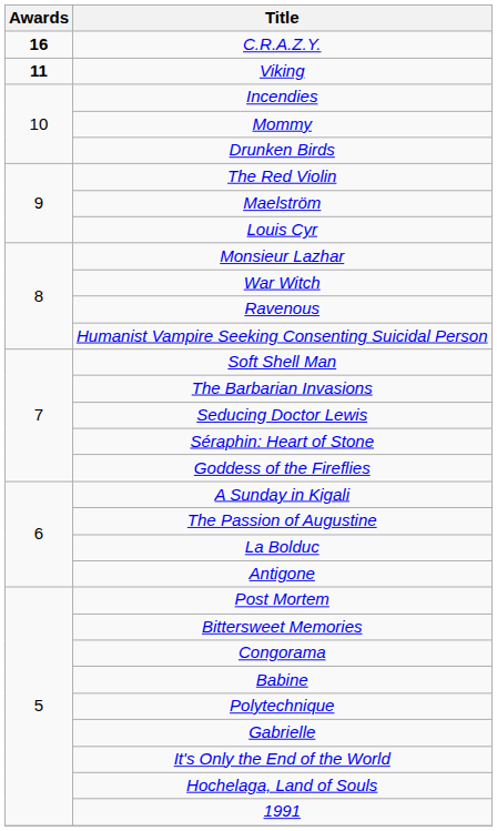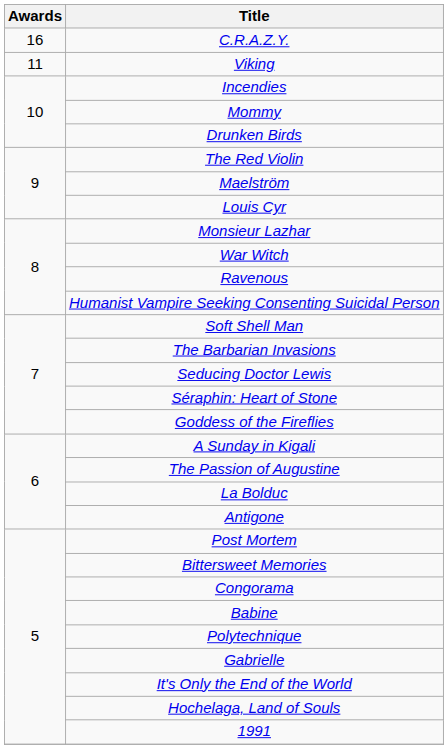 <table class="wikitable" style="text-align: center;">
 <tr>
 <th scope="col" width="55">Awards</th>
 <th scope="col" align="center">Title</th>
 </tr>
 <tr>
-<td rowspan=1 style="text-align:center"><strong>16</strong></td>
+<td rowspan=1 style="text-align:center">16</td>
 <td><em><a href='#'>C.R.A.Z.Y.</a></em></td>
 </tr>
 <tr>
-<td rowspan=1 style="text-align:center"><strong>11</strong></td>
+<td rowspan=1 style="text-align:center">11</td>
 <td><em><a href='#'>Viking</a></em></td>
 </tr>
 <tr>
 <td rowspan=3 style="text-align:center">10</td>
 <td><em><a href='#'>Incendies</a></em></td>
 </tr>
 <tr>
 <td><em><a href='#'>Mommy</a></em></td>
 </tr>
 <tr>
 <td><em><a href='#'>Drunken Birds</a></em></td>
 </tr>
 <tr>
 <td rowspan=3 style="text-align:center">9</td>
 <td><em><a href='#'>The Red Violin</a></em></td>
 </tr>
 <tr>
 <td><em><a href='#'>Maelström</a></em></td>
 </tr>
 <tr>
 <td><em><a href='#'>Louis Cyr</a></em></td>
 </tr>
 <tr>
 <td rowspan=4 style="text-align:center">8</td>
 <td><em><a href='#'>Monsieur Lazhar</a></em></td>
 </tr>
 <tr>
 <td><em><a href='#'>War Witch</a></em></td>
 </tr>
 <tr>
 <td><em><a href='#'>Ravenous</a></em></td>
 </tr>
 <tr>
 <td><em><a href='#'>Humanist Vampire Seeking Consenting Suicidal Person</a></em></td>
 </tr>
 <tr>
 <td rowspan=5 style="text-align:center">7</td>
 <td><em><a href='#'>Soft Shell Man</a></em></td>
 </tr>
 <tr>
 <td><em><a href='#'>The Barbarian Invasions</a></em></td>
 </tr>
 <tr>
 <td><em><a href='#'>Seducing Doctor Lewis</a></em></td>
 </tr>
 <tr>
 <td><em><a href='#'>Séraphin: Heart of Stone</a></em></td>
 </tr>
 <tr>
 <td><em><a href='#'>Goddess of the Fireflies</a></em></td>
 </tr>
 <tr>
 <td rowspan=4 style="text-align:center">6</td>
 <td><em><a href='#'>A Sunday in Kigali</a></em></td>
 </tr>
 <tr>
 <td><em><a href='#'>The Passion of Augustine</a></em></td>
 </tr>
 <tr>
 <td><em><a href='#'>La Bolduc</a></em></td>
 </tr>
 <tr>
 <td><em><a href='#'>Antigone</a></em></td>
 </tr>
 <tr>
 <td rowspan=9 style="text-align:center">5</td>
 <td><em><a href='#'>Post Mortem</a></em></td>
 </tr>
 <tr>
 <td><em><a href='#'>Bittersweet Memories</a></em></td>
 </tr>
 <tr>
 <td><em><a href='#'>Congorama</a></em></td>
 </tr>
 <tr>
 <td><em><a href='#'>Babine</a></em></td>
 </tr>
 <tr>
 <td><em><a href='#'>Polytechnique</a></em></td>
 </tr>
 <tr>
 <td><em><a href='#'>Gabrielle</a></em></td>
 </tr>
 <tr>
 <td><em><a href='#'>It's Only the End of the World</a></em></td>
 </tr>
 <tr>
 <td><em><a href='#'>Hochelaga, Land of Souls</a></em></td>
 </tr>
 <tr>
 <td><em><a href='#'>1991</a></em></td>
 </tr>
 <tr>
 </tr>
 </table>
